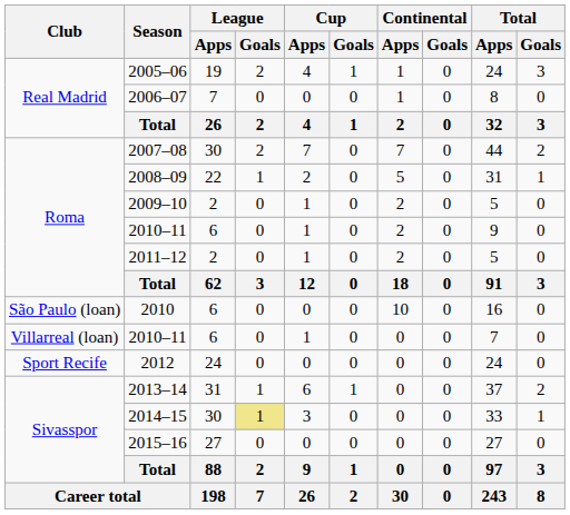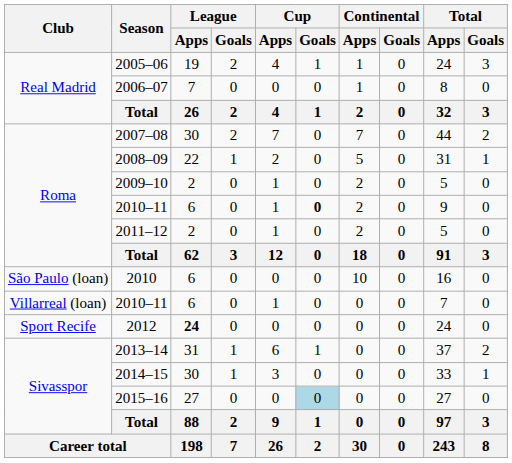 <table class="wikitable" style="text-align:center">
 <tr>
 <th rowspan="2">Club</th>
 <th rowspan="2">Season</th>
 <th colspan="2">League</th>
 <th colspan="2">Cup</th>
 <th colspan="2">Continental</th>
 <th colspan="2">Total</th>
 </tr>
 <tr>
 <th>Apps</th>
 <th>Goals</th>
 <th>Apps</th>
 <th>Goals</th>
 <th>Apps</th>
 <th>Goals</th>
 <th>Apps</th>
 <th>Goals</th>
 </tr>
 <tr>
 <td rowspan="3"><a href='#'>Real Madrid</a></td>
 <td>2005–06</td>
 <td>19</td>
 <td>2</td>
 <td>4</td>
 <td>1</td>
 <td>1</td>
 <td>0</td>
 <td>24</td>
 <td>3</td>
 </tr>
 <tr>
 <td>2006–07</td>
 <td>7</td>
 <td>0</td>
 <td>0</td>
 <td>0</td>
 <td>1</td>
 <td>0</td>
 <td>8</td>
 <td>0</td>
 </tr>
 <tr>
 <th colspan="1">Total</th>
 <th>26</th>
 <th>2</th>
 <th>4</th>
 <th>1</th>
 <th>2</th>
 <th>0</th>
 <th>32</th>
 <th>3</th>
 </tr>
 <tr>
 <td rowspan=6><a href='#'>Roma</a></td>
 <td>2007–08</td>
 <td>30</td>
 <td>2</td>
 <td>7</td>
 <td>0</td>
 <td>7</td>
 <td>0</td>
 <td>44</td>
 <td>2</td>
 </tr>
 <tr>
 <td>2008–09</td>
 <td>22</td>
 <td>1</td>
 <td>2</td>
 <td>0</td>
 <td>5</td>
 <td>0</td>
 <td>31</td>
 <td>1</td>
 </tr>
 <tr>
 <td>2009–10</td>
 <td>2</td>
 <td>0</td>
 <td>1</td>
 <td>0</td>
 <td>2</td>
 <td>0</td>
 <td>5</td>
 <td>0</td>
 </tr>
 <tr>
 <td>2010–11</td>
 <td>6</td>
 <td>0</td>
 <td>1</td>
-<td>0</td>
+<td><strong>0</strong></td>
 <td>2</td>
 <td>0</td>
 <td>9</td>
 <td>0</td>
 </tr>
 <tr>
 <td>2011–12</td>
 <td>2</td>
 <td>0</td>
 <td>1</td>
 <td>0</td>
 <td>2</td>
 <td>0</td>
 <td>5</td>
 <td>0</td>
 </tr>
 <tr>
 <th colspan="1">Total</th>
 <th>62</th>
 <th>3</th>
 <th>12</th>
 <th>0</th>
 <th>18</th>
 <th>0</th>
 <th>91</th>
 <th>3</th>
 </tr>
 <tr>
 <td><a href='#'>São Paulo</a> (loan)</td>
 <td>2010</td>
 <td>6</td>
 <td>0</td>
 <td>0</td>
 <td>0</td>
 <td>10</td>
 <td>0</td>
 <td>16</td>
 <td>0</td>
 </tr>
 <tr>
 <td><a href='#'>Villarreal</a> (loan)</td>
 <td>2010–11</td>
 <td>6</td>
 <td>0</td>
 <td>1</td>
 <td>0</td>
 <td>0</td>
 <td>0</td>
 <td>7</td>
 <td>0</td>
 </tr>
 <tr>
 <td><a href='#'>Sport Recife</a></td>
 <td>2012</td>
-<td>24</td>
+<td><strong>24</strong></td>
 <td>0</td>
 <td>0</td>
 <td>0</td>
 <td>0</td>
 <td>0</td>
 <td>24</td>
 <td>0</td>
 </tr>
 <tr>
 <td rowspan="4"><a href='#'>Sivasspor</a></td>
 <td>2013–14</td>
 <td>31</td>
 <td>1</td>
 <td>6</td>
 <td>1</td>
 <td>0</td>
 <td>0</td>
 <td>37</td>
 <td>2</td>
 </tr>
 <tr>
 <td>2014–15</td>
 <td>30</td>
-<td style="background: khaki;">1</td>
+<td>1</td>
 <td>3</td>
 <td>0</td>
 <td>0</td>
 <td>0</td>
 <td>33</td>
 <td>1</td>
 </tr>
 <tr>
 <td>2015–16</td>
 <td>27</td>
 <td>0</td>
 <td>0</td>
-<td>0</td>
+<td style="background: lightblue;">0</td>
 <td>0</td>
 <td>0</td>
 <td>27</td>
 <td>0</td>
 </tr>
 <tr>
 <th colspan="1">Total</th>
 <th>88</th>
 <th>2</th>
 <th>9</th>
 <th>1</th>
 <th>0</th>
 <th>0</th>
 <th>97</th>
 <th>3</th>
 </tr>
 <tr>
 <th colspan="2">Career total</th>
 <th>198</th>
 <th>7</th>
 <th>26</th>
 <th>2</th>
 <th>30</th>
 <th>0</th>
 <th>243</th>
 <th>8</th>
 </tr>
 </table>
